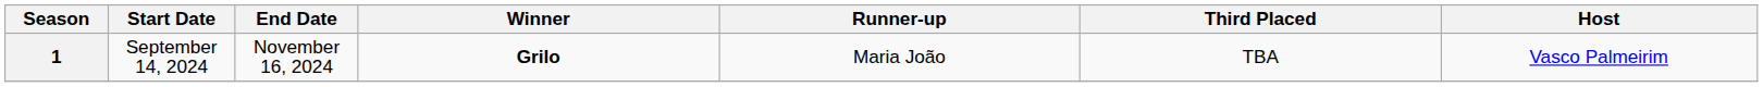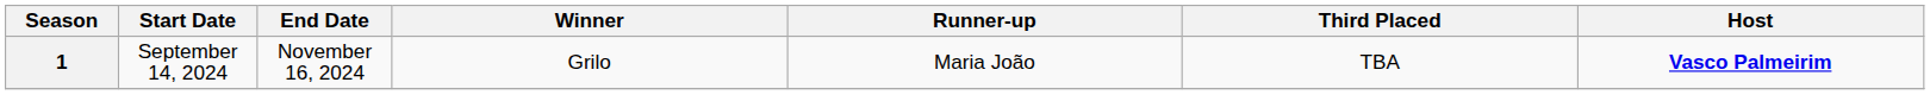 <table class="wikitable" style="text-align:center; font-size:95%; line-height:16px; width:90%">
 <tr>
 <th scope="col" style="width:1%">Season</th>
 <th scope="col" style="width:1%">Start Date</th>
 <th scope="col" style="width:1%">End Date</th>
 <th scope="col" style="width:8%">Winner</th>
 <th scope="col" style="width:8%">Runner-up</th>
 <th scope="col" style="width:8%">Third Placed</th>
 <th scope="col" style="width:7%">Host</th>
 </tr>
 <tr>
 <th>1</th>
 <td>September 14, 2024</td>
 <td>November 16, 2024</td>
-<td><strong>Grilo</strong></td>
+<td>Grilo</td>
 <td>Maria João</td>
 <td>TBA</td>
-<td><a href='#'>Vasco Palmeirim</a></td>
+<td><strong><a href='#'>Vasco Palmeirim</a></strong></td>
 </tr>
 <tr>
 </tr>
 </table>
